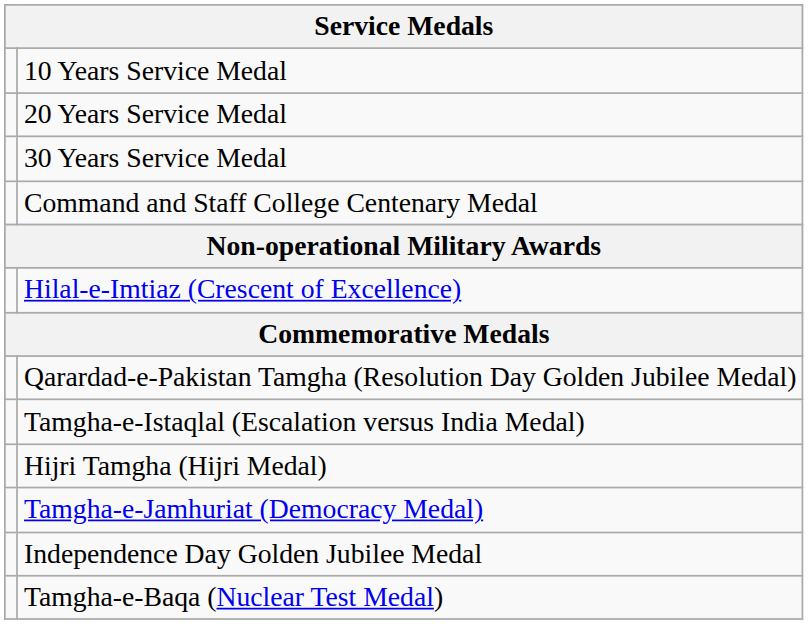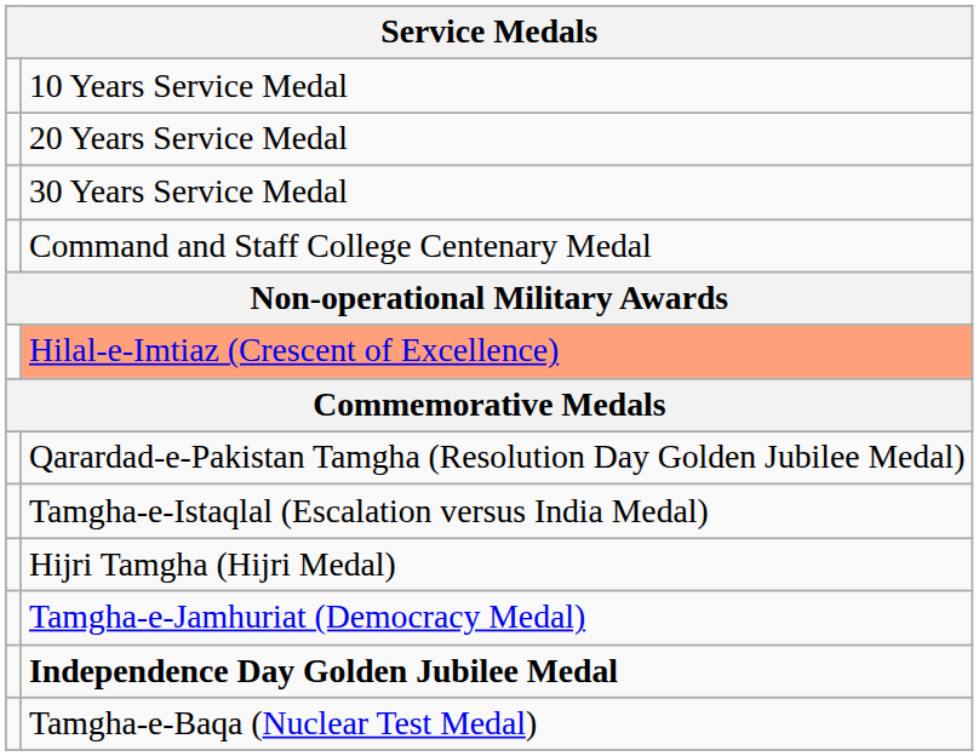 <table class="wikitable">
 <tr style="background:#ccf;">
 <th colspan=3>Service Medals</th>
 </tr>
 <tr>
 <td></td>
 <td>10 Years Service Medal</td>
 </tr>
 <tr>
 <td></td>
 <td>20 Years Service Medal</td>
 </tr>
 <tr>
 <td></td>
 <td>30 Years Service Medal</td>
 </tr>
 <tr>
 <td></td>
 <td>Command and Staff College Centenary Medal</td>
 </tr>
 <tr style="background:#ccf;">
 <th colspan=2>Non-operational Military Awards</th>
 </tr>
 <tr>
 <td></td>
-<td><a href='#'>Hilal-e-Imtiaz (Crescent of Excellence)</a></td>
+<td style="background: lightsalmon;"><a href='#'>Hilal-e-Imtiaz (Crescent of Excellence)</a></td>
 </tr>
 <tr style="background:#ccf;">
 <th colspan=2>Commemorative Medals</th>
 </tr>
 <tr>
 <td></td>
 <td>Qarardad-e-Pakistan Tamgha (Resolution Day Golden Jubilee Medal)</td>
 </tr>
 <tr>
 <td></td>
 <td>Tamgha-e-Istaqlal (Escalation versus India Medal)</td>
 </tr>
 <tr>
 <td></td>
 <td>Hijri Tamgha (Hijri Medal)</td>
 </tr>
 <tr>
 <td></td>
 <td><a href='#'>Tamgha-e-Jamhuriat (Democracy Medal)</a></td>
 </tr>
 <tr>
 <td></td>
-<td>Independence Day Golden Jubilee Medal</td>
+<td><strong>Independence Day Golden Jubilee Medal</strong></td>
 </tr>
 <tr>
 <td></td>
 <td>Tamgha-e-Baqa (<a href='#'>Nuclear Test Medal</a>)</td>
 </tr>
 </table>
